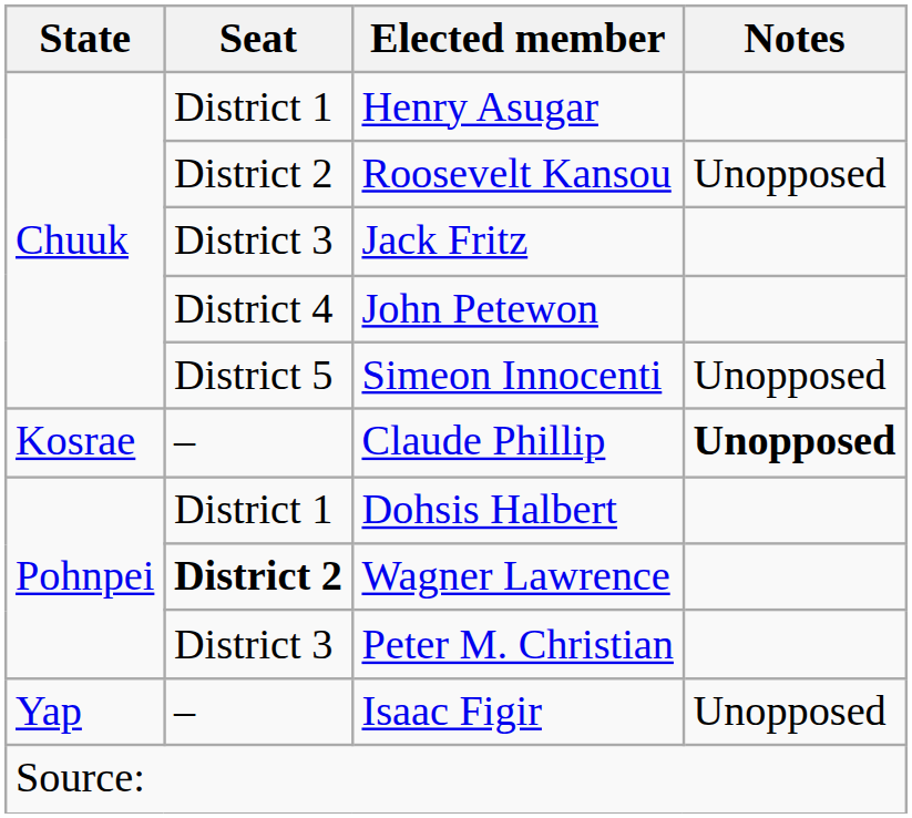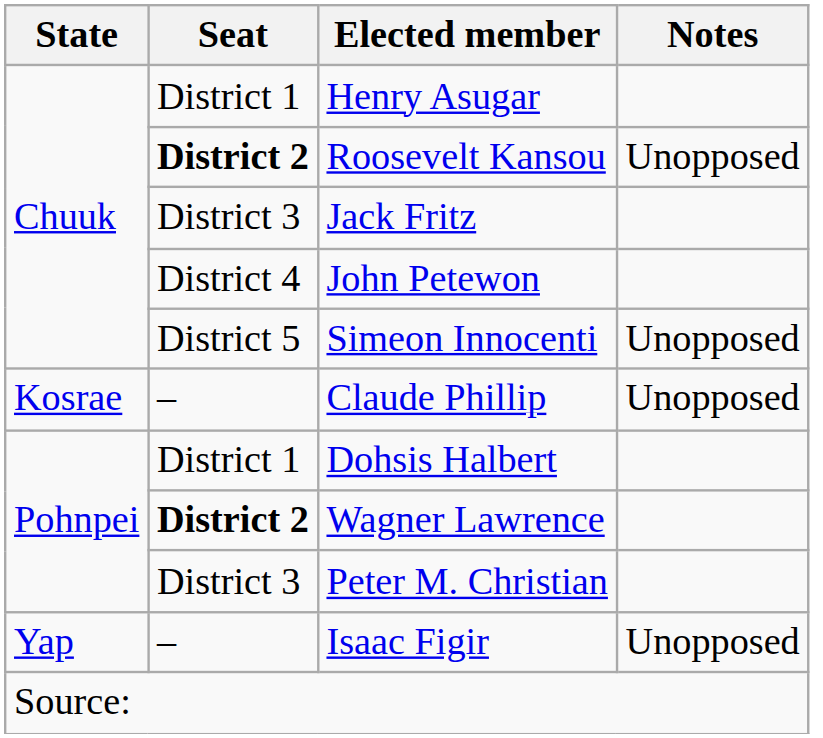 <table class=wikitable>
 <tr>
 <th>State</th>
 <th>Seat</th>
 <th>Elected member</th>
 <th>Notes</th>
 </tr>
 <tr>
 <td align=left rowspan=5><a href='#'>Chuuk</a></td>
 <td>District 1</td>
 <td><a href='#'>Henry Asugar</a></td>
 <td></td>
 </tr>
 <tr>
-<td align=left>District 2</td>
+<td align=left><strong>District 2</strong></td>
 <td><a href='#'>Roosevelt Kansou</a></td>
 <td>Unopposed</td>
 </tr>
 <tr>
 <td align=left>District 3</td>
 <td><a href='#'>Jack Fritz</a></td>
 <td></td>
 </tr>
 <tr>
 <td align=left>District 4</td>
 <td><a href='#'>John Petewon</a></td>
 <td></td>
 </tr>
 <tr>
 <td align=left>District 5</td>
 <td><a href='#'>Simeon Innocenti</a></td>
 <td>Unopposed</td>
 </tr>
 <tr>
 <td align=left><a href='#'>Kosrae</a></td>
 <td>–</td>
 <td><a href='#'>Claude Phillip</a></td>
-<td><strong>Unopposed</strong></td>
+<td>Unopposed</td>
 </tr>
 <tr>
 <td align=left rowspan=3><a href='#'>Pohnpei</a></td>
 <td>District 1</td>
 <td><a href='#'>Dohsis Halbert</a></td>
 <td></td>
 </tr>
 <tr>
 <td align=left><strong>District 2</strong></td>
 <td><a href='#'>Wagner Lawrence</a></td>
 <td></td>
 </tr>
 <tr>
 <td align=left>District 3</td>
 <td><a href='#'>Peter M. Christian</a></td>
 <td></td>
 </tr>
 <tr>
 <td align=left><a href='#'>Yap</a></td>
 <td>–</td>
 <td><a href='#'>Isaac Figir</a></td>
 <td>Unopposed</td>
 </tr>
 <tr>
 <td align=left colspan=5>Source: </td>
 </tr>
 </table>
